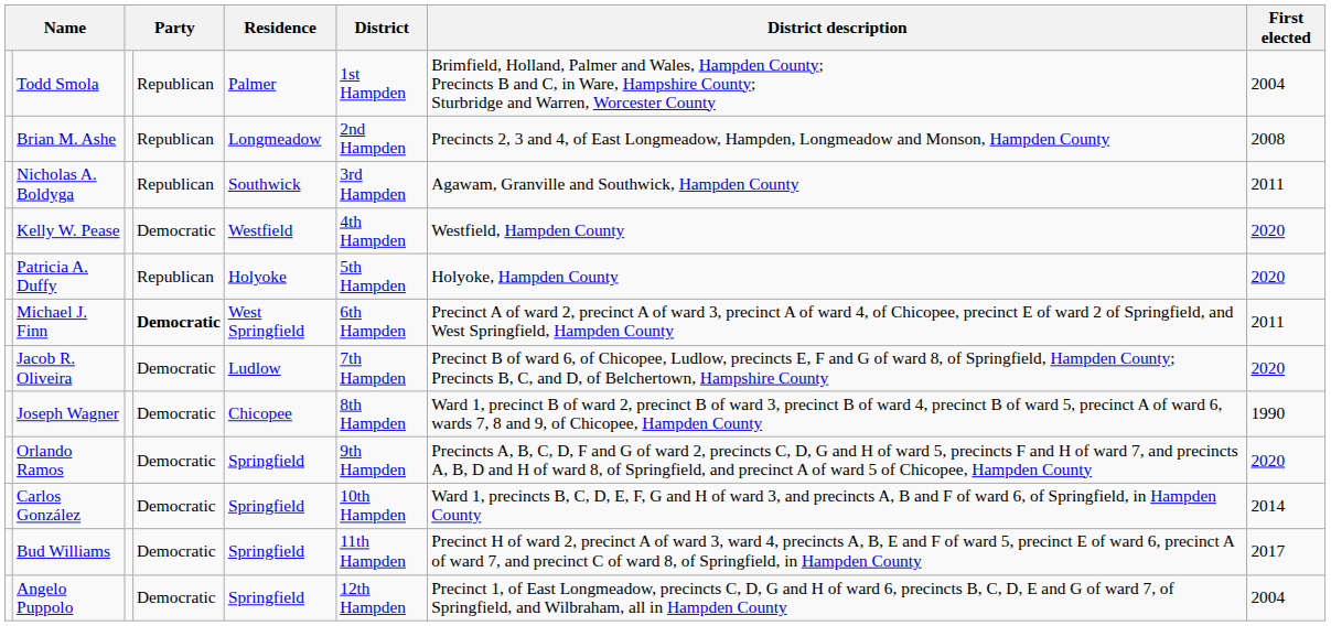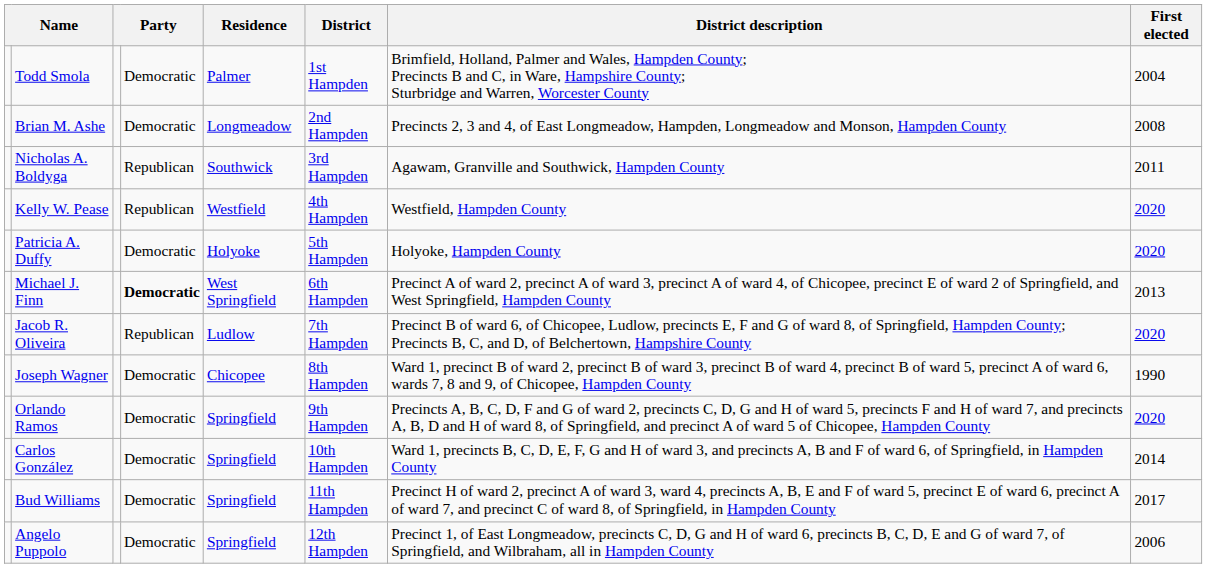 <table class="wikitable sortable" style="text-align:left;">
 <tr>
 <th colspan="2">Name</th>
 <th colspan=2>Party</th>
 <th>Residence</th>
 <th>District</th>
 <th>District description</th>
 <th>First elected</th>
 </tr>
 <tr>
 <td></td>
 <td><a href='#'>Todd Smola</a></td>
 <td style="background-color:"></td>
-<td>Republican</td>
+<td>Democratic</td>
 <td><a href='#'>Palmer</a></td>
 <td><a href='#'>1st Hampden</a></td>
 <td>Brimfield, Holland, Palmer and Wales, <a href='#'>Hampden County</a>;<br>Precincts B and C, in Ware, <a href='#'>Hampshire County</a>;<br>Sturbridge and Warren, <a href='#'>Worcester County</a></td>
 <td>2004</td>
 </tr>
 <tr>
 <td></td>
 <td><a href='#'>Brian M. Ashe</a></td>
 <td style="background-color:"></td>
-<td>Republican</td>
+<td>Democratic</td>
 <td><a href='#'>Longmeadow</a></td>
 <td><a href='#'>2nd Hampden</a></td>
 <td>Precincts 2, 3 and 4, of East Longmeadow, Hampden, Longmeadow and Monson, <a href='#'>Hampden County</a></td>
 <td>2008</td>
 </tr>
 <tr>
 <td></td>
 <td><a href='#'>Nicholas A. Boldyga</a></td>
 <td style="background-color:"></td>
 <td>Republican</td>
 <td><a href='#'>Southwick</a></td>
 <td><a href='#'>3rd Hampden</a></td>
 <td>Agawam, Granville and Southwick, <a href='#'>Hampden County</a></td>
 <td>2011</td>
 </tr>
 <tr>
 <td></td>
 <td><a href='#'>Kelly W. Pease</a></td>
 <td style="background-color:"></td>
-<td>Democratic</td>
+<td>Republican</td>
 <td><a href='#'>Westfield</a></td>
 <td><a href='#'>4th Hampden</a></td>
 <td>Westfield, <a href='#'>Hampden County</a></td>
 <td><a href='#'>2020</a></td>
 </tr>
 <tr>
 <td></td>
 <td><a href='#'>Patricia A. Duffy</a></td>
 <td style="background-color:"></td>
-<td>Republican</td>
+<td>Democratic</td>
 <td><a href='#'>Holyoke</a></td>
 <td><a href='#'>5th Hampden</a></td>
 <td>Holyoke, <a href='#'>Hampden County</a></td>
 <td><a href='#'>2020</a></td>
 </tr>
 <tr>
 <td></td>
 <td><a href='#'>Michael J. Finn</a></td>
 <td style="background-color:"></td>
 <td><strong>Democratic</strong></td>
 <td><a href='#'>West Springfield</a></td>
 <td><a href='#'>6th Hampden</a></td>
 <td>Precinct A of ward 2, precinct A of ward 3, precinct A of ward 4, of Chicopee, precinct E of ward 2 of Springfield, and West Springfield, <a href='#'>Hampden County</a></td>
-<td>2011</td>
+<td>2013</td>
 </tr>
 <tr>
 <td></td>
 <td><a href='#'>Jacob R. Oliveira</a></td>
 <td style="background-color:"></td>
-<td>Democratic</td>
+<td>Republican</td>
 <td><a href='#'>Ludlow</a></td>
 <td><a href='#'>7th Hampden</a></td>
 <td>Precinct B of ward 6, of Chicopee, Ludlow, precincts E, F and G of ward 8, of Springfield, <a href='#'>Hampden County</a>;<br>Precincts B, C, and D, of Belchertown, <a href='#'>Hampshire County</a></td>
 <td><a href='#'>2020</a></td>
 </tr>
 <tr>
 <td></td>
 <td><a href='#'>Joseph Wagner</a></td>
 <td style="background-color:"></td>
 <td>Democratic</td>
 <td><a href='#'>Chicopee</a></td>
 <td><a href='#'>8th Hampden</a></td>
 <td>Ward 1, precinct B of ward 2, precinct B of ward 3, precinct B of ward 4, precinct B of ward 5, precinct A of ward 6, wards 7, 8 and 9, of Chicopee, <a href='#'>Hampden County</a></td>
 <td>1990</td>
 </tr>
 <tr>
 <td></td>
 <td><a href='#'>Orlando Ramos</a></td>
 <td style="background-color:"></td>
 <td>Democratic</td>
 <td><a href='#'>Springfield</a></td>
 <td><a href='#'>9th Hampden</a></td>
 <td>Precincts A, B, C, D, F and G of ward 2, precincts C, D, G and H of ward 5, precincts F and H of ward 7, and precincts A, B, D and H of ward 8, of Springfield, and precinct A of ward 5 of Chicopee, <a href='#'>Hampden County</a></td>
 <td><a href='#'>2020</a></td>
 </tr>
 <tr>
 <td></td>
 <td><a href='#'>Carlos González</a></td>
 <td style="background-color:"></td>
 <td>Democratic</td>
 <td><a href='#'>Springfield</a></td>
 <td><a href='#'>10th Hampden</a></td>
 <td>Ward 1, precincts B, C, D, E, F, G and H of ward 3, and precincts A, B and F of ward 6, of Springfield, in <a href='#'>Hampden County</a></td>
 <td>2014</td>
 </tr>
 <tr>
 <td></td>
 <td><a href='#'>Bud Williams</a></td>
 <td style="background-color:"></td>
 <td>Democratic</td>
 <td><a href='#'>Springfield</a></td>
 <td><a href='#'>11th Hampden</a></td>
 <td>Precinct H of ward 2, precinct A of ward 3, ward 4, precincts A, B, E and F of ward 5, precinct E of ward 6, precinct A of ward 7, and precinct C of ward 8, of Springfield, in <a href='#'>Hampden County</a></td>
 <td>2017</td>
 </tr>
 <tr>
 <td></td>
 <td><a href='#'>Angelo Puppolo</a></td>
 <td style="background-color:"></td>
 <td>Democratic</td>
 <td><a href='#'>Springfield</a></td>
 <td><a href='#'>12th Hampden</a></td>
 <td>Precinct 1, of East Longmeadow, precincts C, D, G and H of ward 6, precincts B, C, D, E and G of ward 7, of Springfield, and Wilbraham, all in <a href='#'>Hampden County</a></td>
-<td>2004</td>
+<td>2006</td>
 </tr>
 </table>
